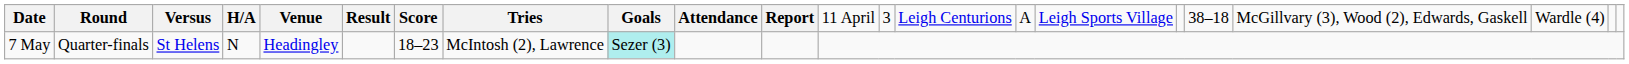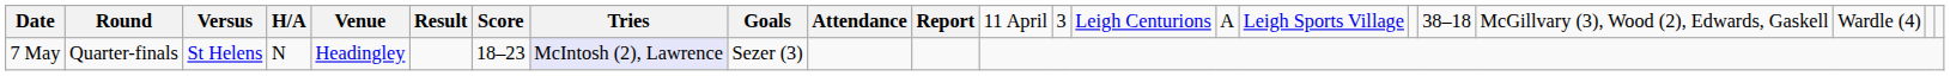 <table class="wikitable defaultleft col2center col4center col7center col10right" style="font-size:90%;">
 <tr>
 <th>Date</th>
 <th>Round</th>
 <th>Versus</th>
 <th>H/A</th>
 <th>Venue</th>
 <th>Result</th>
 <th>Score</th>
 <th>Tries</th>
 <th>Goals</th>
 <th>Attendance</th>
 <th>Report</th>
 <td>11 April</td>
 <td>3</td>
 <td> <a href='#'>Leigh Centurions</a></td>
 <td>A</td>
 <td><a href='#'>Leigh Sports Village</a></td>
 <td></td>
 <td>38–18</td>
 <td>McGillvary (3), Wood (2), Edwards, Gaskell</td>
 <td>Wardle (4)</td>
 <td></td>
 <td></td>
 </tr>
 <tr>
 <td>7 May</td>
 <td>Quarter-finals</td>
 <td> <a href='#'>St Helens</a></td>
 <td>N</td>
 <td><a href='#'>Headingley</a></td>
 <td></td>
 <td>18–23</td>
-<td>McIntosh (2), Lawrence</td>
-<td style="background: paleturquoise;">Sezer (3)</td>
+<td style="background: lavender;">McIntosh (2), Lawrence</td>
+<td>Sezer (3)</td>
 <td></td>
 <td></td>
 </tr>
 </table>
